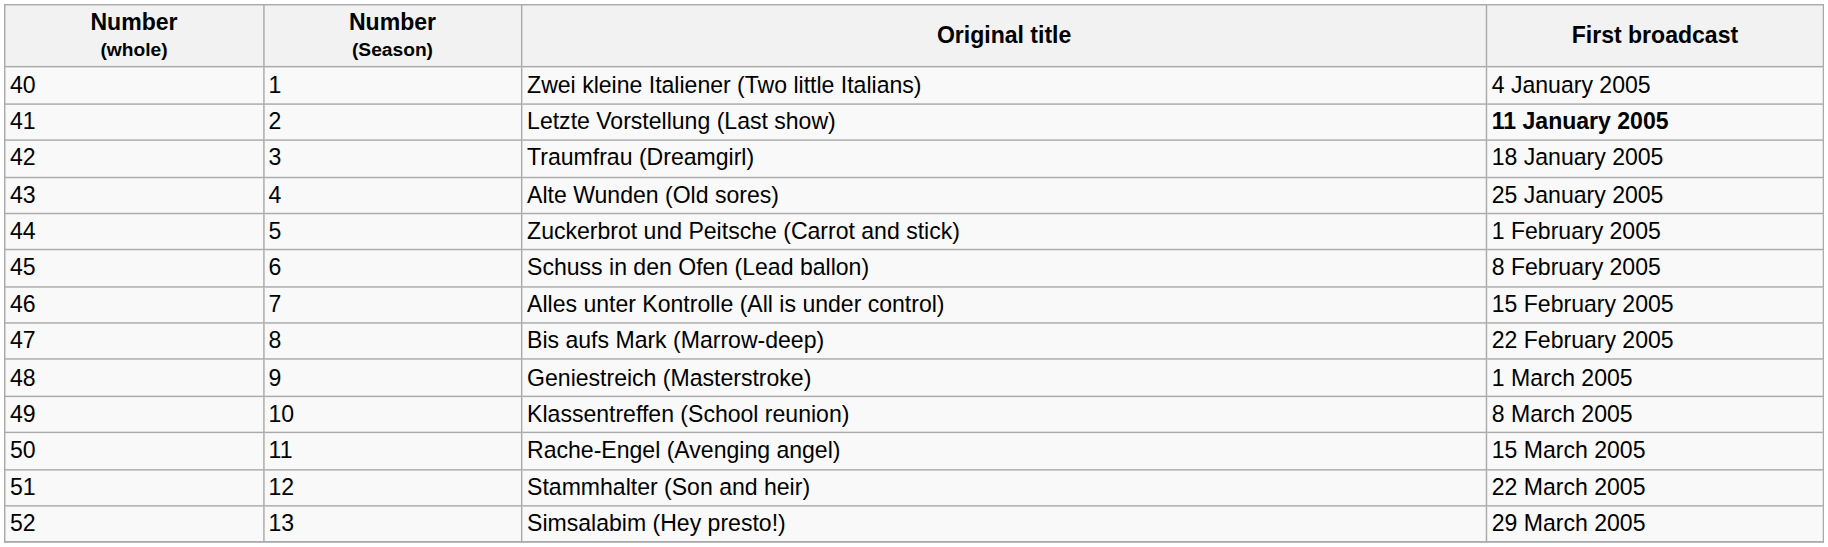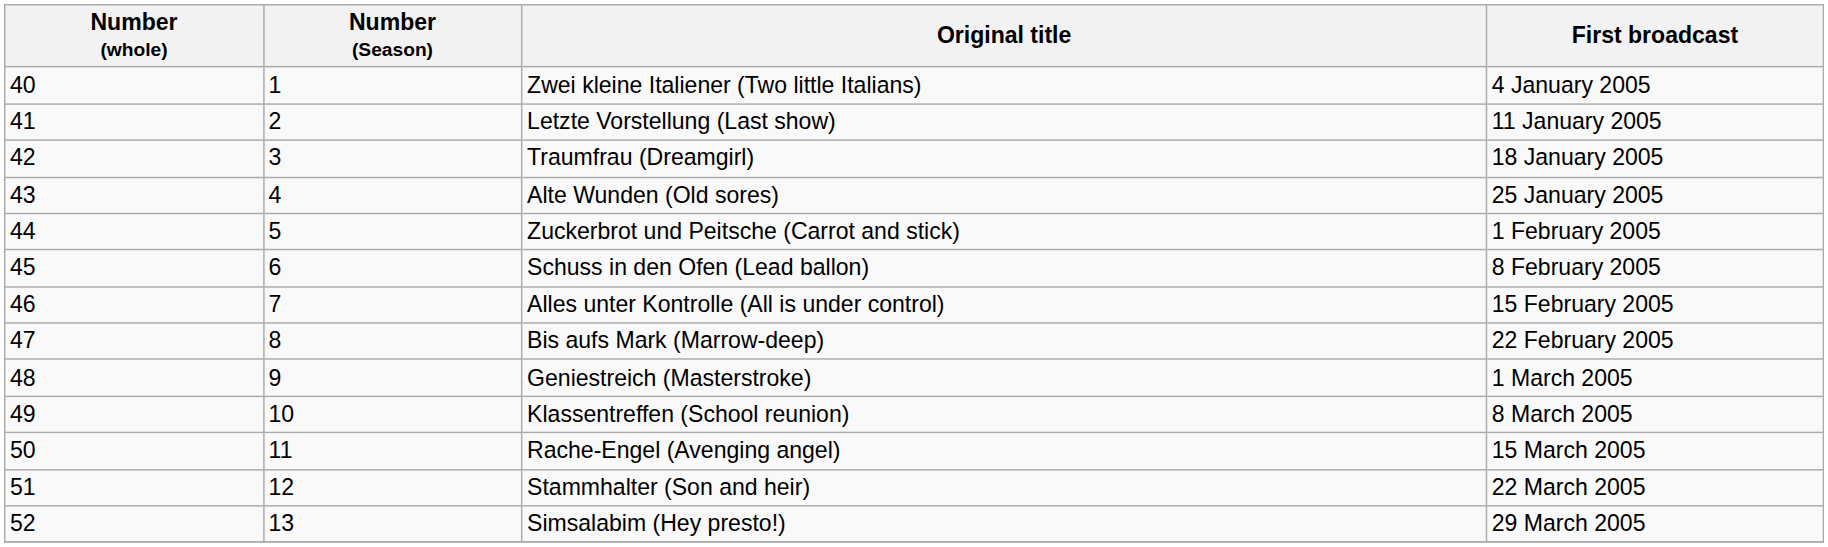 <table class="wikitable" width="100%">
 <tr>
 <th width="75"><strong>Number</strong><br> <small> (whole) </small></th>
 <th width="75"><strong>Number</strong><br> <small> (Season) </small></th>
 <th width="300">Original title</th>
 <th width="100">First broadcast</th>
 </tr>
 <tr>
 <td>40</td>
 <td>1</td>
 <td>Zwei kleine Italiener (Two little Italians)</td>
 <td>4 January 2005</td>
 </tr>
 <tr>
 <td>41</td>
 <td>2</td>
 <td>Letzte Vorstellung (Last show)</td>
-<td><strong>11 January 2005</strong></td>
+<td>11 January 2005</td>
 </tr>
 <tr>
 <td>42</td>
 <td>3</td>
 <td>Traumfrau (Dreamgirl)</td>
 <td>18 January 2005</td>
 </tr>
 <tr>
 <td>43</td>
 <td>4</td>
 <td>Alte Wunden (Old sores)</td>
 <td>25 January 2005</td>
 </tr>
 <tr>
 <td>44</td>
 <td>5</td>
 <td>Zuckerbrot und Peitsche (Carrot and stick)</td>
 <td>1 February 2005</td>
 </tr>
 <tr>
 <td>45</td>
 <td>6</td>
 <td>Schuss in den Ofen (Lead ballon)</td>
 <td>8 February 2005</td>
 </tr>
 <tr>
 <td>46</td>
 <td>7</td>
 <td>Alles unter Kontrolle (All is under control)</td>
 <td>15 February 2005</td>
 </tr>
 <tr>
 <td>47</td>
 <td>8</td>
 <td>Bis aufs Mark (Marrow-deep)</td>
 <td>22 February 2005</td>
 </tr>
 <tr>
 <td>48</td>
 <td>9</td>
 <td>Geniestreich (Masterstroke)</td>
 <td>1 March 2005</td>
 </tr>
 <tr>
 <td>49</td>
 <td>10</td>
 <td>Klassentreffen (School reunion)</td>
 <td>8 March 2005</td>
 </tr>
 <tr>
 <td>50</td>
 <td>11</td>
 <td>Rache-Engel (Avenging angel)</td>
 <td>15 March 2005</td>
 </tr>
 <tr>
 <td>51</td>
 <td>12</td>
 <td>Stammhalter (Son and heir)</td>
 <td>22 March 2005</td>
 </tr>
 <tr>
 <td>52</td>
 <td>13</td>
 <td>Simsalabim (Hey presto!)</td>
 <td>29 March 2005</td>
 </tr>
 <tr>
 </tr>
 </table>
